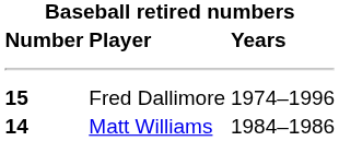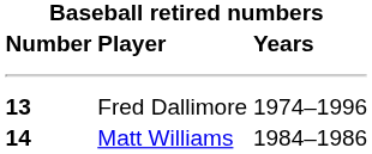 <table class="toccolours" style="float: left; margin-right: 1em;">
 <tr>
 <th colspan="3" style="text-align: center; "><strong>Baseball retired numbers</strong></th>
 </tr>
 <tr>
 <td><strong>Number</strong></td>
 <td><strong>Player</strong></td>
 <td><strong>Years</strong></td>
 </tr>
 <tr>
 <td colspan="3"><hr></td>
 </tr>
 <tr>
-<td><strong>15</strong></td>
+<td><strong>13</strong></td>
 <td>Fred Dallimore</td>
 <td>1974–1996</td>
 </tr>
 <tr>
 <td><strong>14</strong></td>
 <td><a href='#'>Matt Williams</a></td>
 <td>1984–1986</td>
 </tr>
 </table>
